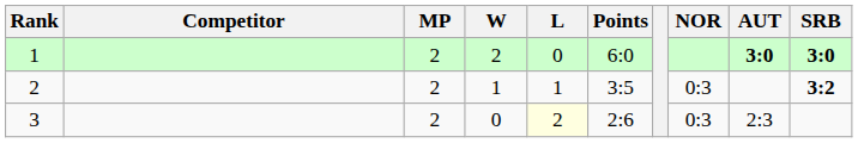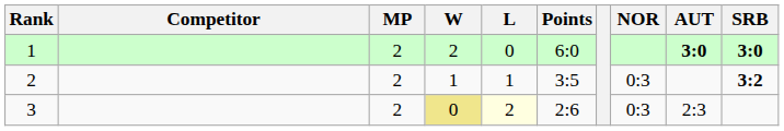 <table class="wikitable" style="text-align:center">
 <tr>
 <th>Rank</th>
 <th style="width:16em">Competitor</th>
 <th style="width:2.5em">MP</th>
 <th style="width:2.5em">W</th>
 <th style="width:2.5em">L</th>
 <th>Points</th>
 <th rowspan="4"> </th>
 <th style="width:2.5em">NOR</th>
 <th style="width:2.5em">AUT</th>
 <th style="width:2.5em">SRB</th>
 </tr>
 <tr style="background:#cfc;">
 <td>1</td>
 <td style="text-align:left"></td>
 <td>2</td>
 <td>2</td>
 <td>0</td>
 <td>6:0</td>
 <td></td>
 <td><strong>3:0</strong></td>
 <td><strong>3:0</strong></td>
 </tr>
 <tr>
 <td>2</td>
 <td style="text-align:left"></td>
 <td>2</td>
 <td>1</td>
 <td>1</td>
 <td>3:5</td>
 <td>0:3</td>
 <td></td>
 <td><strong>3:2</strong></td>
 </tr>
 <tr>
 <td>3</td>
 <td style="text-align:left"></td>
 <td>2</td>
-<td>0</td>
+<td style="background: khaki;">0</td>
 <td style="background: lightyellow;">2</td>
 <td>2:6</td>
 <td>0:3</td>
 <td>2:3</td>
 <td></td>
 </tr>
 </table>
